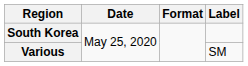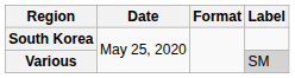 <table class="wikitable plainrowheaders">
 <tr>
 <th>Region</th>
 <th>Date</th>
 <th>Format</th>
 <th>Label</th>
 </tr>
 <tr>
 <th scope="row">South Korea</th>
 <td rowspan="2">May 25, 2020</td>
 <td rowspan="2"></td>
 <td></td>
 </tr>
 <tr>
 <th scope="row">Various</th>
-<td>SM</td>
+<td style="background: lightgrey;">SM</td>
 </tr>
 </table>
